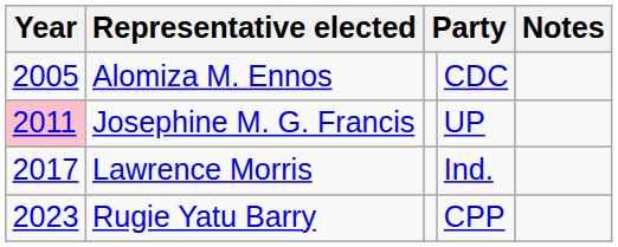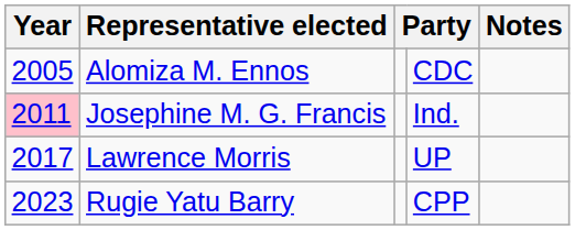 <table class="wikitable">
 <tr>
 <th>Year</th>
 <th>Representative elected</th>
 <th colspan=2>Party</th>
 <th>Notes</th>
 </tr>
 <tr>
 <td><a href='#'>2005</a></td>
 <td><a href='#'>Alomiza M. Ennos</a></td>
 <td></td>
 <td><a href='#'>CDC</a></td>
 <td></td>
 </tr>
 <tr>
 <td style="background: pink;"><a href='#'>2011</a></td>
 <td><a href='#'>Josephine M. G. Francis</a></td>
 <td></td>
-<td><a href='#'>UP</a></td>
+<td><a href='#'>Ind.</a></td>
 <td></td>
 </tr>
 <tr>
 <td><a href='#'>2017</a></td>
 <td><a href='#'>Lawrence Morris</a></td>
 <td></td>
-<td><a href='#'>Ind.</a></td>
+<td><a href='#'>UP</a></td>
 <td></td>
 </tr>
 <tr>
 <td><a href='#'>2023</a></td>
 <td><a href='#'>Rugie Yatu Barry</a></td>
 <td></td>
 <td><a href='#'>CPP</a></td>
 <td></td>
 </tr>
 </table>
